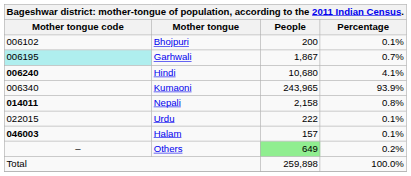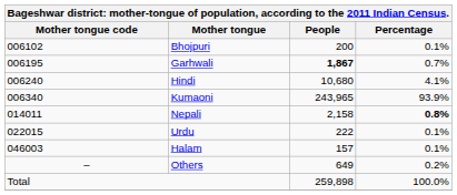 <table class="wikitable sortable mw-collapsible mw-collapsed">
 <tr valign=top>
 <th colspan=4>Bageshwar district: mother-tongue of population, according to the <a href='#'>2011 Indian Census</a>.</th>
 </tr>
 <tr valign=top>
 <th>Mother tongue code</th>
 <th>Mother tongue</th>
 <th>People</th>
 <th>Percentage</th>
 </tr>
 <tr valign=top>
 <td>006102</td>
 <td><a href='#'>Bhojpuri</a></td>
 <td align=right>200</td>
 <td align=right>0.1%</td>
 </tr>
 <tr valign=top>
-<td style="background: paleturquoise;">006195</td>
+<td>006195</td>
 <td><a href='#'>Garhwali</a></td>
-<td align=right>1,867</td>
+<td align=right><strong>1,867</strong></td>
 <td align=right>0.7%</td>
 </tr>
 <tr valign=top>
-<td><strong>006240</strong></td>
+<td>006240</td>
 <td><a href='#'>Hindi</a></td>
 <td align=right>10,680</td>
 <td align=right>4.1%</td>
 </tr>
 <tr valign=top>
 <td>006340</td>
 <td><a href='#'>Kumaoni</a></td>
 <td align=right>243,965</td>
 <td align=right>93.9%</td>
 </tr>
 <tr valign=top>
-<td><strong>014011</strong></td>
+<td>014011</td>
 <td><a href='#'>Nepali</a></td>
 <td align=right>2,158</td>
-<td align=right>0.8%</td>
+<td align=right><strong>0.8%</strong></td>
 </tr>
 <tr valign=top>
 <td>022015</td>
 <td><a href='#'>Urdu</a></td>
 <td align=right>222</td>
 <td align=right>0.1%</td>
 </tr>
 <tr valign=top>
-<td><strong>046003</strong></td>
+<td>046003</td>
 <td><a href='#'>Halam</a></td>
 <td align=right>157</td>
 <td align=right>0.1%</td>
 </tr>
 <tr valign=top>
 <td align=center>–</td>
 <td><a href='#'>Others</a></td>
-<td align=right style="background: lightgreen;">649</td>
+<td align=right>649</td>
 <td align=right>0.2%</td>
 </tr>
 <tr valign=top class=sortbottom>
 <td colspan=2>Total</td>
 <td align=right>259,898</td>
 <td align=right>100.0%</td>
 </tr>
 <tr>
 </tr>
 </table>
